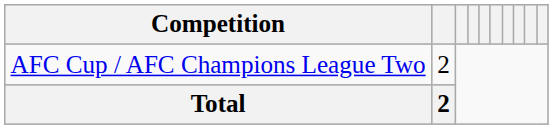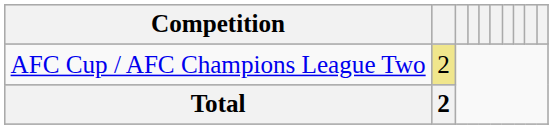 <table class="wikitable" style="text-align: center;">
 <tr>
 <th scope="col">Competition</th>
 <th></th>
 <th></th>
 <th></th>
 <th></th>
 <th></th>
 <th></th>
 <th></th>
 <th></th>
 <th></th>
 </tr>
 <tr>
 <td><a href='#'>AFC Cup / AFC Champions League Two</a></td>
-<td>2<br></td>
+<td style="background: khaki;">2<br></td>
 </tr>
 <tr>
 <th scope="row"><strong>Total</strong></th>
 <th>2<br></th>
 </tr>
 </table>
